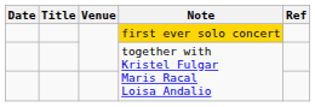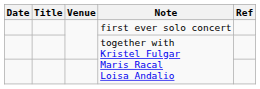 <table class="wikitable sortable plainrowheaders">
 <tr>
 <th scope="col">Date</th>
 <th scope="col">Title</th>
 <th scope="col">Venue</th>
 <th scope="col">Note</th>
 <th scope="col">Ref</th>
 </tr>
 <tr>
 <td></td>
 <td></td>
 <td rowspan=2></td>
-<td style="background: gold;">first ever solo concert</td>
+<td>first ever solo concert</td>
 <td></td>
 </tr>
 <tr>
 <td></td>
 <td></td>
 <td rowspan = 2>together with <br><a href='#'>Kristel Fulgar</a><br><a href='#'>Maris Racal</a><br><a href='#'>Loisa Andalio</a></td>
 <td></td>
 </tr>
 <tr>
 <td></td>
 <td></td>
 <td></td>
 <td></td>
 </tr>
 </table>
